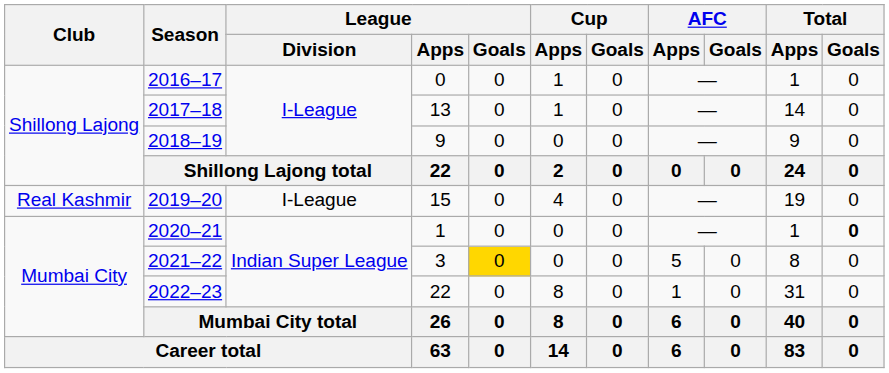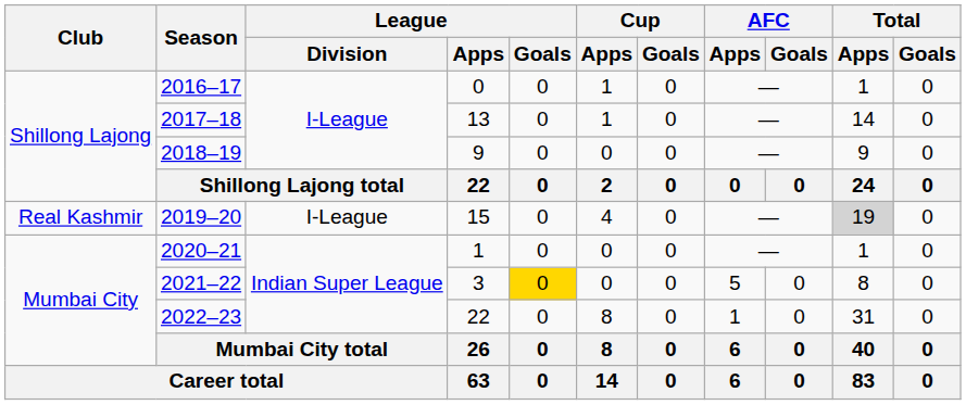 <table class="wikitable" style="text-align: center;">
 <tr>
 <th rowspan="2">Club</th>
 <th rowspan="2">Season</th>
 <th colspan="3">League</th>
 <th colspan="2">Cup</th>
 <th colspan="2"><a href='#'>AFC</a></th>
 <th colspan="2">Total</th>
 </tr>
 <tr>
 <th>Division</th>
 <th>Apps</th>
 <th>Goals</th>
 <th>Apps</th>
 <th>Goals</th>
 <th>Apps</th>
 <th>Goals</th>
 <th>Apps</th>
 <th>Goals</th>
 </tr>
 <tr>
 <td rowspan="4"><a href='#'>Shillong Lajong</a></td>
 <td><a href='#'>2016–17</a></td>
 <td rowspan="3"><a href='#'>I-League</a></td>
 <td>0</td>
 <td>0</td>
 <td>1</td>
 <td>0</td>
 <td colspan="2">—</td>
 <td>1</td>
 <td>0</td>
 </tr>
 <tr>
 <td><a href='#'>2017–18</a></td>
 <td>13</td>
 <td>0</td>
 <td>1</td>
 <td>0</td>
 <td colspan="2">—</td>
 <td>14</td>
 <td>0</td>
 </tr>
 <tr>
 <td><a href='#'>2018–19</a></td>
 <td>9</td>
 <td>0</td>
 <td>0</td>
 <td>0</td>
 <td colspan="2">—</td>
 <td>9</td>
 <td>0</td>
 </tr>
 <tr>
 <th colspan="2">Shillong Lajong total</th>
 <th>22</th>
 <th>0</th>
 <th>2</th>
 <th>0</th>
 <th>0</th>
 <th>0</th>
 <th>24</th>
 <th>0</th>
 </tr>
 <tr>
 <td rowspan="1"><a href='#'>Real Kashmir</a></td>
 <td><a href='#'>2019–20</a></td>
 <td rowspan="1">I-League</td>
 <td>15</td>
 <td>0</td>
 <td>4</td>
 <td>0</td>
 <td colspan="2">—</td>
-<td>19</td>
+<td style="background: lightgrey;">19</td>
 <td>0</td>
 </tr>
 <tr>
 <td rowspan="4"><a href='#'>Mumbai City</a></td>
 <td><a href='#'>2020–21</a></td>
 <td rowspan="3"><a href='#'>Indian Super League</a></td>
 <td>1</td>
 <td>0</td>
 <td>0</td>
 <td>0</td>
 <td colspan="2">—</td>
 <td>1</td>
-<td><strong>0</strong></td>
+<td>0</td>
 </tr>
 <tr>
 <td><a href='#'>2021–22</a></td>
 <td>3</td>
 <td style="background: gold;">0</td>
 <td>0</td>
 <td>0</td>
 <td>5</td>
 <td>0</td>
 <td>8</td>
 <td>0</td>
 </tr>
 <tr>
 <td><a href='#'>2022–23</a></td>
 <td>22</td>
 <td>0</td>
 <td>8</td>
 <td>0</td>
 <td>1</td>
 <td>0</td>
 <td>31</td>
 <td>0</td>
 </tr>
 <tr>
 <th colspan="2">Mumbai City total</th>
 <th>26</th>
 <th>0</th>
 <th>8</th>
 <th>0</th>
 <th>6</th>
 <th>0</th>
 <th>40</th>
 <th>0</th>
 </tr>
 <tr>
 <th colspan="3">Career total</th>
 <th>63</th>
 <th>0</th>
 <th>14</th>
 <th>0</th>
 <th>6</th>
 <th>0</th>
 <th>83</th>
 <th>0</th>
 </tr>
 </table>
